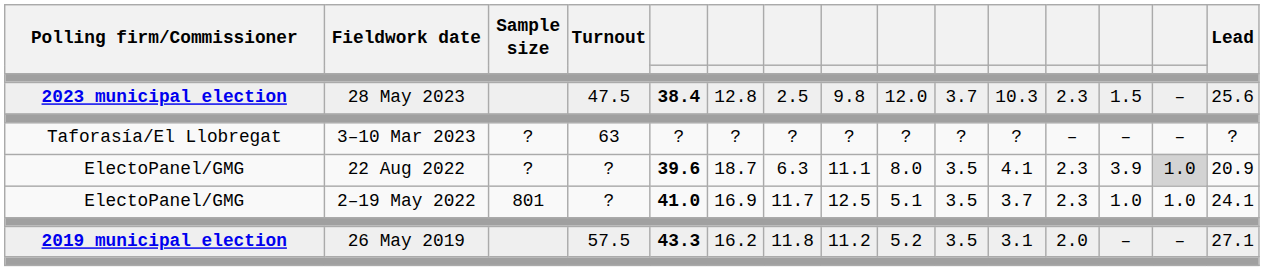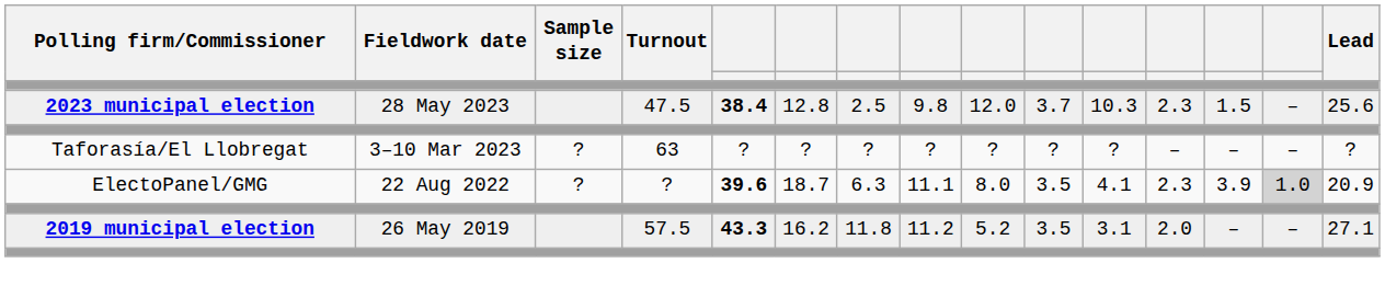 <table class="wikitable collapsible collapsed" style="text-align:center; font-size:95%; line-height:16px;">
 <tr style="height:42px;">
 <th style="width:250px;" rowspan="2">Polling firm/Commissioner</th>
 <th style="width:125px;" rowspan="2">Fieldwork date</th>
 <th style="width:50px;" rowspan="2">Sample size</th>
 <th style="width:45px;" rowspan="2">Turnout</th>
 <th style="width:35px;"></th>
 <th style="width:35px;"></th>
 <th style="width:35px;"></th>
 <th style="width:35px;"></th>
 <th style="width:35px;"></th>
 <th style="width:35px;"><br></th>
 <th style="width:35px;"></th>
 <th style="width:35px;"></th>
 <th style="width:35px;"></th>
 <th style="width:35px;"></th>
 <th style="width:30px;" rowspan="2">Lead</th>
 </tr>
 <tr>
 <th style="color:inherit;background:"></th>
 <th style="color:inherit;background:"></th>
 <th style="color:inherit;background:"></th>
 <th style="color:inherit;background:"></th>
 <th style="color:inherit;background:"></th>
 <th style="color:inherit;background:"></th>
 <th style="color:inherit;background:"></th>
 <th style="color:inherit;background:"></th>
 <th style="color:inherit;background:"></th>
 <th style="color:inherit;background:"></th>
 </tr>
 <tr>
 <td colspan="15" style="background:#A0A0A0"></td>
 </tr>
 <tr style="background:#EFEFEF;">
 <td><strong><a href='#'>2023 municipal election</a></strong></td>
 <td>28 May 2023</td>
 <td></td>
 <td>47.5</td>
 <td><strong>38.4</strong><br></td>
 <td>12.8<br></td>
 <td>2.5<br></td>
 <td>9.8<br></td>
 <td>12.0<br></td>
 <td>3.7<br></td>
 <td>10.3<br></td>
 <td>2.3<br></td>
 <td>1.5<br></td>
 <td>–</td>
 <td style="background:">25.6</td>
 </tr>
 <tr>
 <td colspan="15" style="background:#A0A0A0"></td>
 </tr>
 <tr>
 <td>Taforasía/El Llobregat</td>
 <td>3–10 Mar 2023</td>
 <td>?</td>
 <td>63</td>
 <td>?<br></td>
 <td>?<br></td>
 <td>?<br></td>
 <td>?<br></td>
 <td>?<br></td>
 <td>?<br></td>
 <td>?<br></td>
 <td>–</td>
 <td>–</td>
 <td>–</td>
 <td style="background:">?</td>
 </tr>
 <tr>
 <td>ElectoPanel/GMG</td>
 <td>22 Aug 2022</td>
 <td>?</td>
 <td>?</td>
 <td><strong>39.6</strong><br></td>
 <td>18.7<br></td>
 <td>6.3<br></td>
 <td>11.1<br></td>
 <td>8.0<br></td>
 <td>3.5<br></td>
 <td>4.1<br></td>
 <td>2.3<br></td>
 <td>3.9<br></td>
 <td style="background: lightgrey;">1.0<br></td>
 <td style="background:">20.9</td>
 </tr>
 <tr>
-<td>ElectoPanel/GMG</td>
-<td>2–19 May 2022</td>
-<td>801</td>
-<td>?</td>
-<td><strong>41.0</strong><br></td>
-<td>16.9<br></td>
-<td>11.7<br></td>
-<td>12.5<br></td>
-<td>5.1<br></td>
-<td>3.5<br></td>
-<td>3.7<br></td>
-<td>2.3<br></td>
-<td>1.0<br></td>
-<td>1.0<br></td>
-<td style="background:">24.1</td>
-</tr>
-<tr>
 <td colspan="15" style="background:#A0A0A0"></td>
 </tr>
 <tr style="background:#EFEFEF;">
 <td><strong><a href='#'>2019 municipal election</a></strong></td>
 <td>26 May 2019</td>
 <td></td>
 <td>57.5</td>
 <td><strong>43.3</strong><br></td>
 <td>16.2<br></td>
 <td>11.8<br></td>
 <td>11.2<br></td>
 <td>5.2<br></td>
 <td>3.5<br></td>
 <td>3.1<br></td>
 <td>2.0<br></td>
 <td>–</td>
 <td>–</td>
 <td style="background:">27.1</td>
 </tr>
 <tr>
 <td colspan="15" style="background:#A0A0A0"></td>
 </tr>
 </table>
